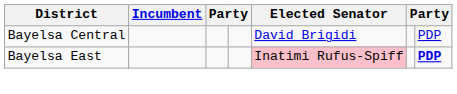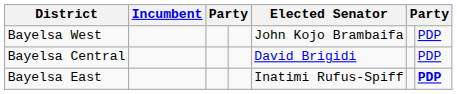 <table class="sortable wikitable" style="font-size:95%;line-height:14px;">
 <tr>
 <th class="unsortable">District</th>
 <th class="unsortable"><a href='#'>Incumbent</a></th>
 <th colspan="2">Party</th>
 <th class="unsortable">Elected Senator</th>
 <th colspan="2">Party</th>
+</tr>
+<tr>
+<td>Bayelsa West</td>
+<td></td>
+<td></td>
+<td></td>
+<td>John Kojo Brambaifa</td>
+<td style="background:"></td>
+<td><a href='#'>PDP</a></td>
 </tr>
 <tr>
 <td>Bayelsa Central</td>
 <td></td>
 <td></td>
 <td></td>
 <td><a href='#'>David Brigidi</a></td>
 <td style="background:"></td>
 <td><a href='#'>PDP</a></td>
 </tr>
 <tr>
 <td>Bayelsa East</td>
 <td></td>
 <td></td>
 <td></td>
-<td style="background: pink;">Inatimi Rufus-Spiff</td>
+<td>Inatimi Rufus-Spiff</td>
 <td style="background:"></td>
 <td><strong><a href='#'>PDP</a></strong></td>
 </tr>
 </table>
